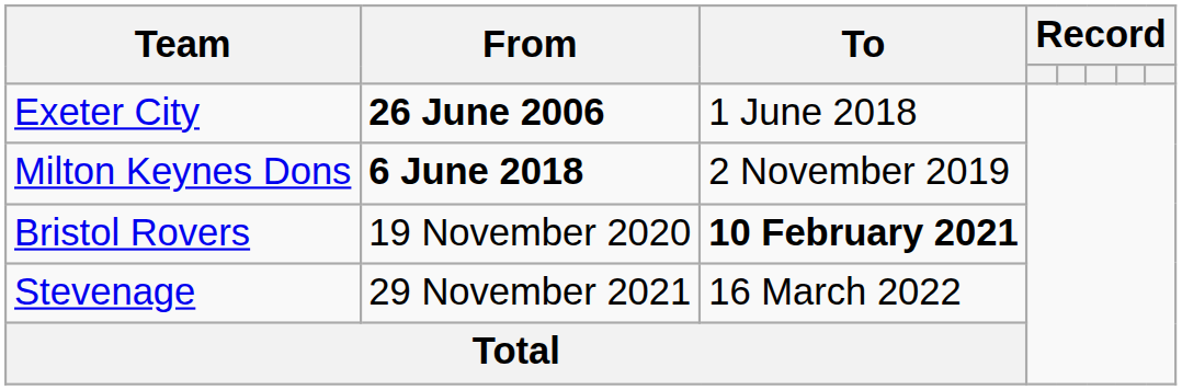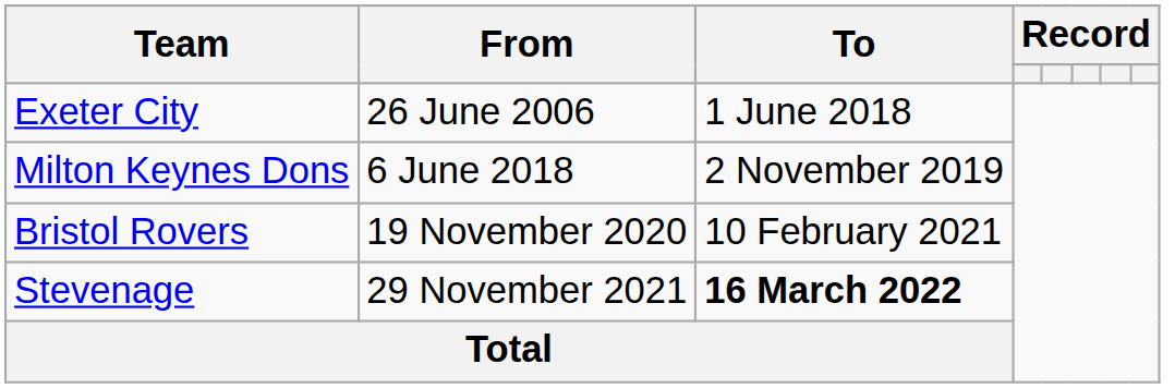 <table class=wikitable style=text-align:center>
 <tr>
 <th rowspan=2>Team</th>
 <th rowspan=2>From</th>
 <th rowspan=2>To</th>
 <th colspan=5>Record</th>
 </tr>
 <tr>
 <th></th>
 <th></th>
 <th></th>
 <th></th>
 <th></th>
 </tr>
 <tr>
 <td align=left><a href='#'>Exeter City</a></td>
-<td align=left><strong>26 June 2006</strong></td>
+<td align=left>26 June 2006</td>
 <td align=left>1 June 2018<br></td>
 </tr>
 <tr>
 <td align=left><a href='#'>Milton Keynes Dons</a></td>
-<td align=left><strong>6 June 2018</strong></td>
+<td align=left>6 June 2018</td>
 <td align=left>2 November 2019<br></td>
 </tr>
 <tr>
 <td align=left><a href='#'>Bristol Rovers</a></td>
 <td align=left>19 November 2020</td>
-<td align=left><strong>10 February 2021<br></strong></td>
+<td align=left>10 February 2021<br></td>
 </tr>
 <tr>
 <td align=left><a href='#'>Stevenage</a></td>
 <td align=left>29 November 2021</td>
-<td align=left>16 March 2022<br></td>
+<td align=left><strong>16 March 2022<br></strong></td>
 </tr>
 <tr>
 <th colspan=3>Total<br></th>
 </tr>
 </table>
